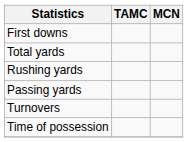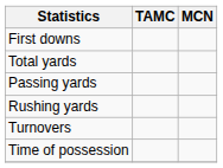 <table class="wikitable" style="float: left;">
 <tr>
 <th>Statistics</th>
 <th>TAMC</th>
 <th>MCN</th>
 </tr>
 <tr>
 <td>First downs</td>
 <td></td>
 <td></td>
 </tr>
 <tr>
 <td>Total yards</td>
 <td></td>
 <td></td>
 </tr>
 <tr>
-<td>Rushing yards</td>
+<td>Passing yards</td>
 <td></td>
 <td></td>
 </tr>
 <tr>
-<td>Passing yards</td>
+<td>Rushing yards</td>
 <td></td>
 <td></td>
 </tr>
 <tr>
 <td>Turnovers</td>
 <td></td>
 <td></td>
 </tr>
 <tr>
 <td>Time of possession</td>
 <td></td>
 <td></td>
 </tr>
 <tr>
 </tr>
 </table>
